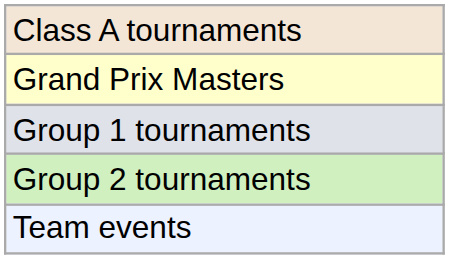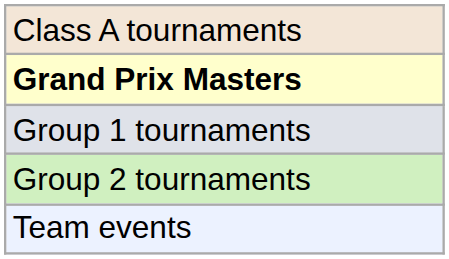 <table class="wikitable"  style="font-size:85%; width:15%;">
 <tr style="background:#F3E6D7">
 <td>Class A tournaments</td>
 </tr>
 <tr style="background:#ffc;">
-<td>Grand Prix Masters</td>
+<td><strong>Grand Prix Masters</strong></td>
 </tr>
 <tr style="background:#dfe2e9">
 <td>Group 1 tournaments</td>
 </tr>
 <tr style="background:#d0f0c0">
 <td>Group 2 tournaments</td>
 </tr>
 <tr style="background:#ECF2FF">
 <td>Team events</td>
 </tr>
 </table>
